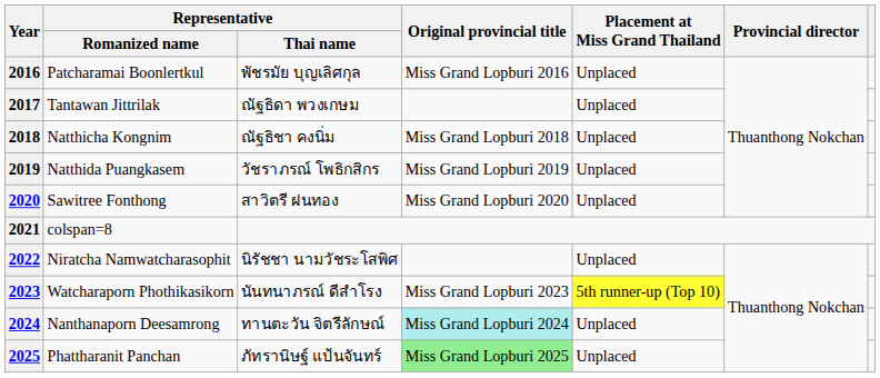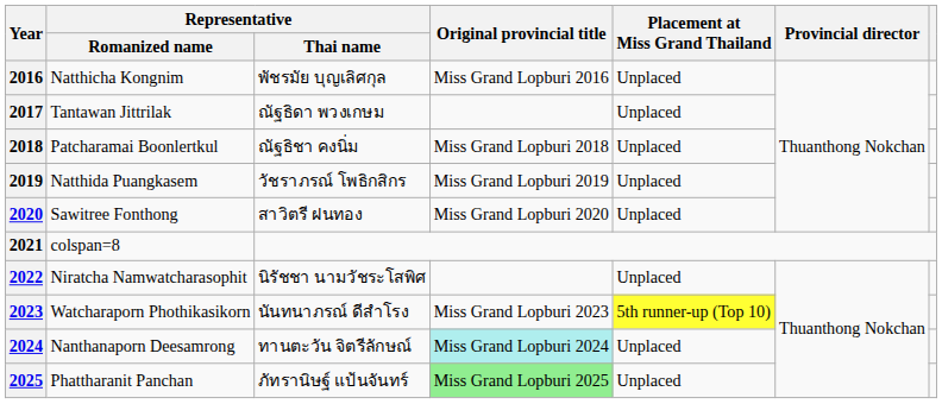 <table class="wikitable defaultcenter col2left col3left col6left" style="font-size:95%;">
 <tr>
 <th rowspan=2>Year</th>
 <th colspan=2>Representative</th>
 <th rowspan=2>Original provincial title</th>
 <th rowspan=2>Placement at<br>Miss Grand Thailand</th>
 <th rowspan=2>Provincial director</th>
 <th rowspan=2></th>
 </tr>
 <tr>
 <th>Romanized name</th>
 <th>Thai name</th>
 </tr>
 <tr>
 <th>2016</th>
-<td>Patcharamai Boonlertkul</td>
+<td>Natthicha Kongnim</td>
 <td>พัชรมัย บุญเลิศกุล</td>
 <td>Miss Grand Lopburi 2016</td>
 <td>Unplaced</td>
 <td rowspan=5>Thuanthong Nokchan</td>
 <td></td>
 </tr>
 <tr>
 <th>2017</th>
 <td>Tantawan Jittrilak</td>
 <td>ณัฐธิดา พวงเกษม</td>
 <td></td>
 <td>Unplaced</td>
 <td></td>
 </tr>
 <tr>
 <th>2018</th>
-<td>Natthicha Kongnim</td>
+<td>Patcharamai Boonlertkul</td>
 <td>ณัฐธิชา คงนิ่ม</td>
 <td>Miss Grand Lopburi 2018</td>
 <td>Unplaced</td>
 <td></td>
 </tr>
 <tr>
 <th>2019</th>
 <td>Natthida Puangkasem</td>
 <td>วัชราภรณ์ โพธิกสิกร</td>
 <td>Miss Grand Lopburi 2019</td>
 <td>Unplaced</td>
 <td></td>
 </tr>
 <tr>
 <th><a href='#'>2020</a></th>
 <td>Sawitree Fonthong</td>
 <td>สาวิตรี ฝนทอง</td>
 <td>Miss Grand Lopburi 2020</td>
 <td>Unplaced</td>
 <td></td>
 </tr>
 <tr>
 <th>2021</th>
 <td>colspan=8 </td>
 </tr>
 <tr>
 <th><a href='#'>2022</a></th>
 <td>Niratcha Namwatcharasophit</td>
 <td>นิรัชชา นามวัชระโสพิศ</td>
 <td></td>
 <td>Unplaced</td>
 <td rowspan=5>Thuanthong Nokchan</td>
 <td></td>
 </tr>
 <tr>
 <th><a href='#'>2023</a></th>
 <td>Watcharaporn Phothikasikorn</td>
 <td>นันทนาภรณ์ ดีสำโรง</td>
 <td>Miss Grand Lopburi 2023</td>
 <td bgcolor=#FFFF33>5th runner-up (Top 10)</td>
 <td></td>
 </tr>
 <tr>
 <th><a href='#'>2024</a></th>
 <td>Nanthanaporn Deesamrong</td>
 <td>ทานตะวัน จิตรีลักษณ์</td>
 <td style="background: paleturquoise;">Miss Grand Lopburi 2024</td>
 <td>Unplaced</td>
 <td></td>
 </tr>
 <tr>
 <th><a href='#'>2025</a></th>
 <td>Phattharanit Panchan</td>
 <td>ภัทรานิษฐ์ แป้นจันทร์</td>
 <td style="background: lightgreen;">Miss Grand Lopburi 2025</td>
 <td>Unplaced</td>
 <td></td>
 </tr>
 </table>
